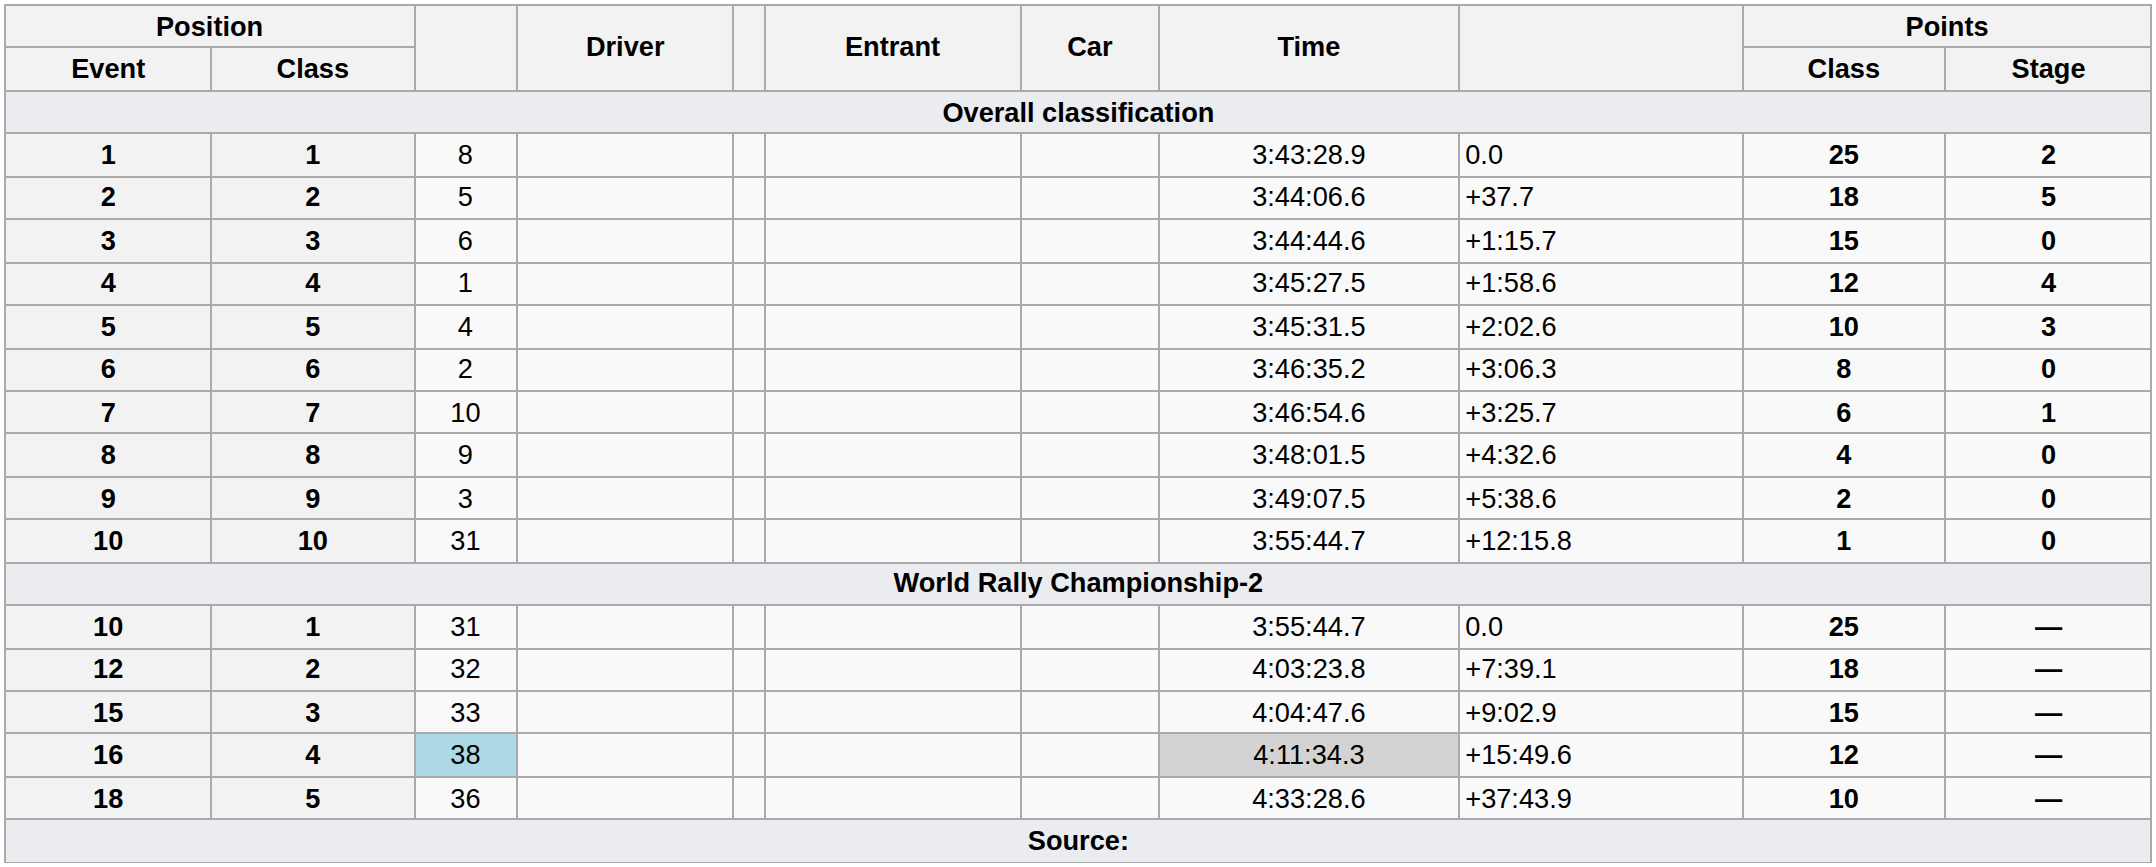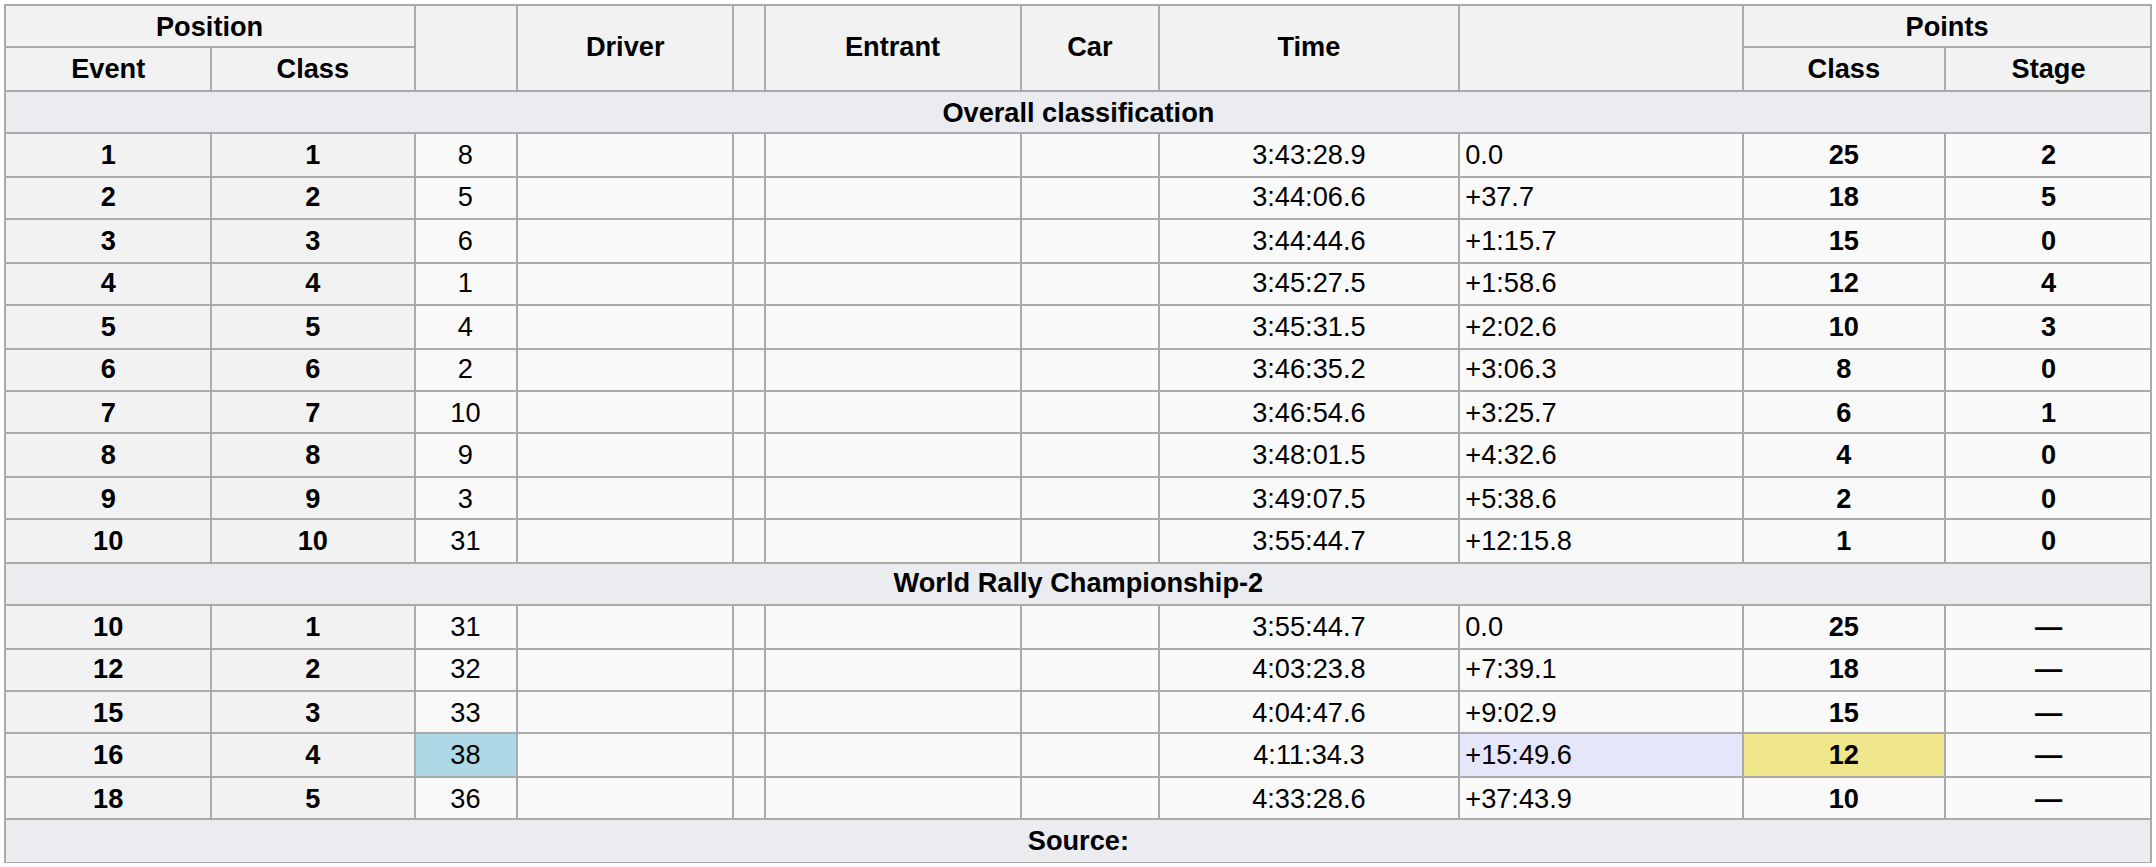 <table class="wikitable" width=85% style="font-size: 85%;">
 <tr>
 <th colspan="2">Position</th>
 <th rowspan="2"></th>
 <th rowspan="2">Driver</th>
 <th rowspan="2"></th>
 <th rowspan="2">Entrant</th>
 <th rowspan="2">Car</th>
 <th rowspan="2">Time</th>
 <th rowspan="2"></th>
 <th colspan="2">Points</th>
 </tr>
 <tr>
 <th>Event</th>
 <th>Class</th>
 <th>Class</th>
 <th>Stage</th>
 </tr>
 <tr>
 <td style="background-color:#EAECF0; text-align:center" colspan="11"><strong>Overall classification</strong></td>
 </tr>
 <tr>
 <th>1</th>
 <th>1</th>
 <td align="center">8</td>
 <td></td>
 <td></td>
 <td></td>
 <td></td>
 <td align="center">3:43:28.9</td>
 <td>0.0</td>
 <td align="center"><strong>25</strong></td>
 <td align="center"><strong>2</strong></td>
 </tr>
 <tr>
 <th>2</th>
 <th>2</th>
 <td align="center">5</td>
 <td></td>
 <td></td>
 <td></td>
 <td></td>
 <td align="center">3:44:06.6</td>
 <td>+37.7</td>
 <td align="center"><strong>18</strong></td>
 <td align="center"><strong>5</strong></td>
 </tr>
 <tr>
 <th>3</th>
 <th>3</th>
 <td align="center">6</td>
 <td></td>
 <td></td>
 <td></td>
 <td></td>
 <td align="center">3:44:44.6</td>
 <td>+1:15.7</td>
 <td align="center"><strong>15</strong></td>
 <td align="center"><strong>0</strong></td>
 </tr>
 <tr>
 <th>4</th>
 <th>4</th>
 <td align="center">1</td>
 <td></td>
 <td></td>
 <td></td>
 <td></td>
 <td align="center">3:45:27.5</td>
 <td>+1:58.6</td>
 <td align="center"><strong>12</strong></td>
 <td align="center"><strong>4</strong></td>
 </tr>
 <tr>
 <th>5</th>
 <th>5</th>
 <td align="center">4</td>
 <td></td>
 <td></td>
 <td></td>
 <td></td>
 <td align="center">3:45:31.5</td>
 <td>+2:02.6</td>
 <td align="center"><strong>10</strong></td>
 <td align="center"><strong>3</strong></td>
 </tr>
 <tr>
 <th>6</th>
 <th>6</th>
 <td align="center">2</td>
 <td></td>
 <td></td>
 <td></td>
 <td></td>
 <td align="center">3:46:35.2</td>
 <td>+3:06.3</td>
 <td align="center"><strong>8</strong></td>
 <td align="center"><strong>0</strong></td>
 </tr>
 <tr>
 <th>7</th>
 <th>7</th>
 <td align="center">10</td>
 <td></td>
 <td></td>
 <td></td>
 <td></td>
 <td align="center">3:46:54.6</td>
 <td>+3:25.7</td>
 <td align="center"><strong>6</strong></td>
 <td align="center"><strong>1</strong></td>
 </tr>
 <tr>
 <th>8</th>
 <th>8</th>
 <td align="center">9</td>
 <td></td>
 <td></td>
 <td></td>
 <td></td>
 <td align="center">3:48:01.5</td>
 <td>+4:32.6</td>
 <td align="center"><strong>4</strong></td>
 <td align="center"><strong>0</strong></td>
 </tr>
 <tr>
 <th>9</th>
 <th>9</th>
 <td align="center">3</td>
 <td></td>
 <td></td>
 <td></td>
 <td></td>
 <td align="center">3:49:07.5</td>
 <td>+5:38.6</td>
 <td align="center"><strong>2</strong></td>
 <td align="center"><strong>0</strong></td>
 </tr>
 <tr>
 <th>10</th>
 <th>10</th>
 <td align="center">31</td>
 <td></td>
 <td></td>
 <td></td>
 <td></td>
 <td align="center">3:55:44.7</td>
 <td>+12:15.8</td>
 <td align="center"><strong>1</strong></td>
 <td align="center"><strong>0</strong></td>
 </tr>
 <tr>
 <td style="background-color:#EAECF0; text-align:center" colspan="11"><strong>World Rally Championship-2</strong></td>
 </tr>
 <tr>
 <th>10</th>
 <th>1</th>
 <td align="center">31</td>
 <td></td>
 <td></td>
 <td></td>
 <td></td>
 <td align="center">3:55:44.7</td>
 <td>0.0</td>
 <td align="center"><strong>25</strong></td>
 <td align="center"><strong>—</strong></td>
 </tr>
 <tr>
 <th>12</th>
 <th>2</th>
 <td align="center">32</td>
 <td></td>
 <td></td>
 <td></td>
 <td></td>
 <td align="center">4:03:23.8</td>
 <td>+7:39.1</td>
 <td align="center"><strong>18</strong></td>
 <td align="center"><strong>—</strong></td>
 </tr>
 <tr>
 <th>15</th>
 <th>3</th>
 <td align="center">33</td>
 <td></td>
 <td></td>
 <td></td>
 <td></td>
 <td align="center">4:04:47.6</td>
 <td>+9:02.9</td>
 <td align="center"><strong>15</strong></td>
 <td align="center"><strong>—</strong></td>
 </tr>
 <tr>
 <th>16</th>
 <th>4</th>
 <td align="center" style="background: lightblue;">38</td>
 <td></td>
 <td></td>
 <td></td>
 <td></td>
-<td align="center" style="background: lightgrey;">4:11:34.3</td>
-<td>+15:49.6</td>
-<td align="center"><strong>12</strong></td>
+<td align="center">4:11:34.3</td>
+<td style="background: lavender;">+15:49.6</td>
+<td align="center" style="background: khaki;"><strong>12</strong></td>
 <td align="center"><strong>—</strong></td>
 </tr>
 <tr>
 <th>18</th>
 <th>5</th>
 <td align="center">36</td>
 <td></td>
 <td></td>
 <td></td>
 <td></td>
 <td align="center">4:33:28.6</td>
 <td>+37:43.9</td>
 <td align="center"><strong>10</strong></td>
 <td align="center"><strong>—</strong></td>
 </tr>
 <tr>
 <td style="background-color:#EAECF0; text-align:center" colspan="11"><strong>Source:</strong></td>
 </tr>
 </table>
